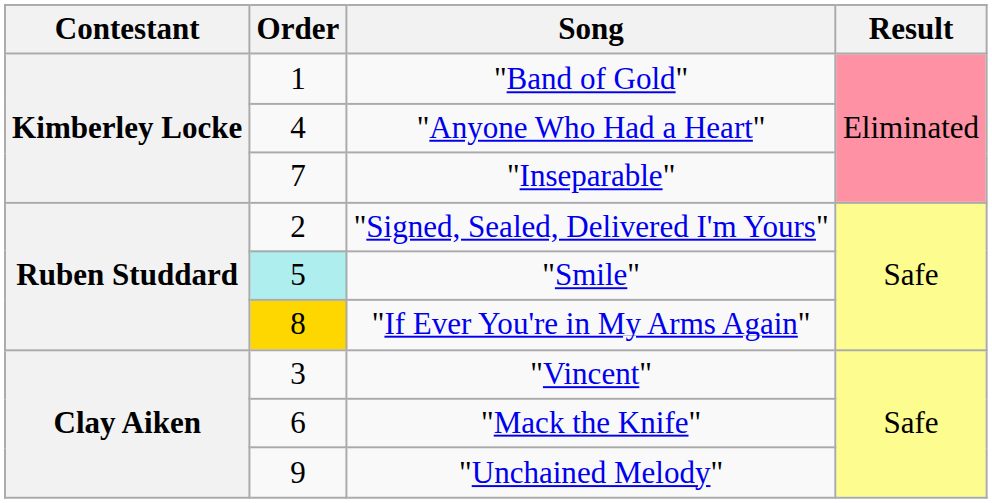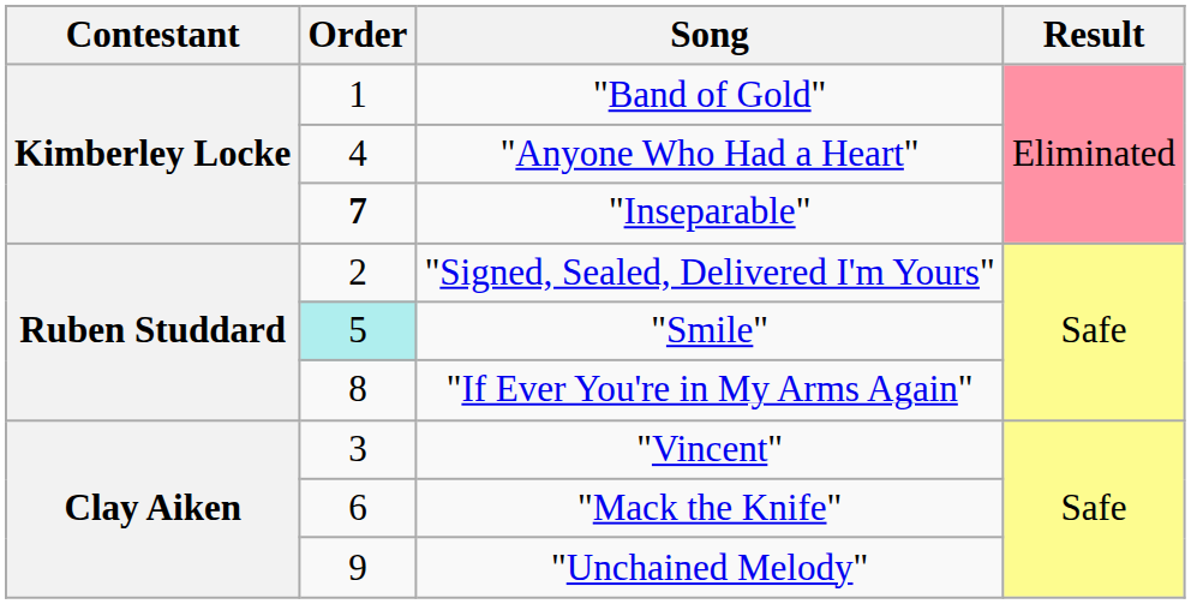 <table class="wikitable unsortable" style="text-align:center;">
 <tr>
 <th scope="col">Contestant</th>
 <th scope="col">Order</th>
 <th scope="col">Song</th>
 <th scope="col">Result</th>
 </tr>
 <tr>
 <th rowspan="3" scope="row">Kimberley Locke</th>
 <td>1</td>
 <td>"<a href='#'>Band of Gold</a>"</td>
 <td rowspan="3" bgcolor="FF91A4">Eliminated</td>
 </tr>
 <tr>
 <td>4</td>
 <td>"<a href='#'>Anyone Who Had a Heart</a>"</td>
 </tr>
 <tr>
-<td>7</td>
+<td><strong>7</strong></td>
 <td>"<a href='#'>Inseparable</a>"</td>
 </tr>
 <tr>
 <th rowspan="3" scope="row">Ruben Studdard</th>
 <td>2</td>
 <td>"<a href='#'>Signed, Sealed, Delivered I'm Yours</a>"</td>
 <td rowspan="3" style="background:#FDFC8F;">Safe</td>
 </tr>
 <tr>
 <td style="background: paleturquoise;">5</td>
 <td>"<a href='#'>Smile</a>"</td>
 </tr>
 <tr>
-<td style="background: gold;">8</td>
+<td>8</td>
 <td>"<a href='#'>If Ever You're in My Arms Again</a>"</td>
 </tr>
 <tr>
 <th rowspan="3" scope="row">Clay Aiken</th>
 <td>3</td>
 <td>"<a href='#'>Vincent</a>"</td>
 <td rowspan="3" style="background:#FDFC8F;">Safe</td>
 </tr>
 <tr>
 <td>6</td>
 <td>"<a href='#'>Mack the Knife</a>"</td>
 </tr>
 <tr>
 <td>9</td>
 <td>"<a href='#'>Unchained Melody</a>"</td>
 </tr>
 </table>
